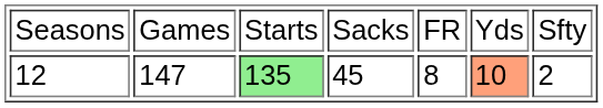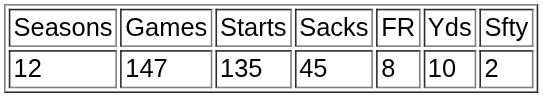 <table border="1" cellpadding="2">
 <tr>
 <td>Seasons</td>
 <td>Games</td>
 <td>Starts</td>
 <td>Sacks</td>
 <td>FR</td>
 <td>Yds</td>
 <td>Sfty</td>
 </tr>
 <tr>
 <td>12</td>
 <td>147</td>
-<td style="background: lightgreen;">135</td>
+<td>135</td>
 <td>45</td>
 <td>8</td>
-<td style="background: lightsalmon;">10</td>
+<td>10</td>
 <td>2</td>
 </tr>
 </table>
